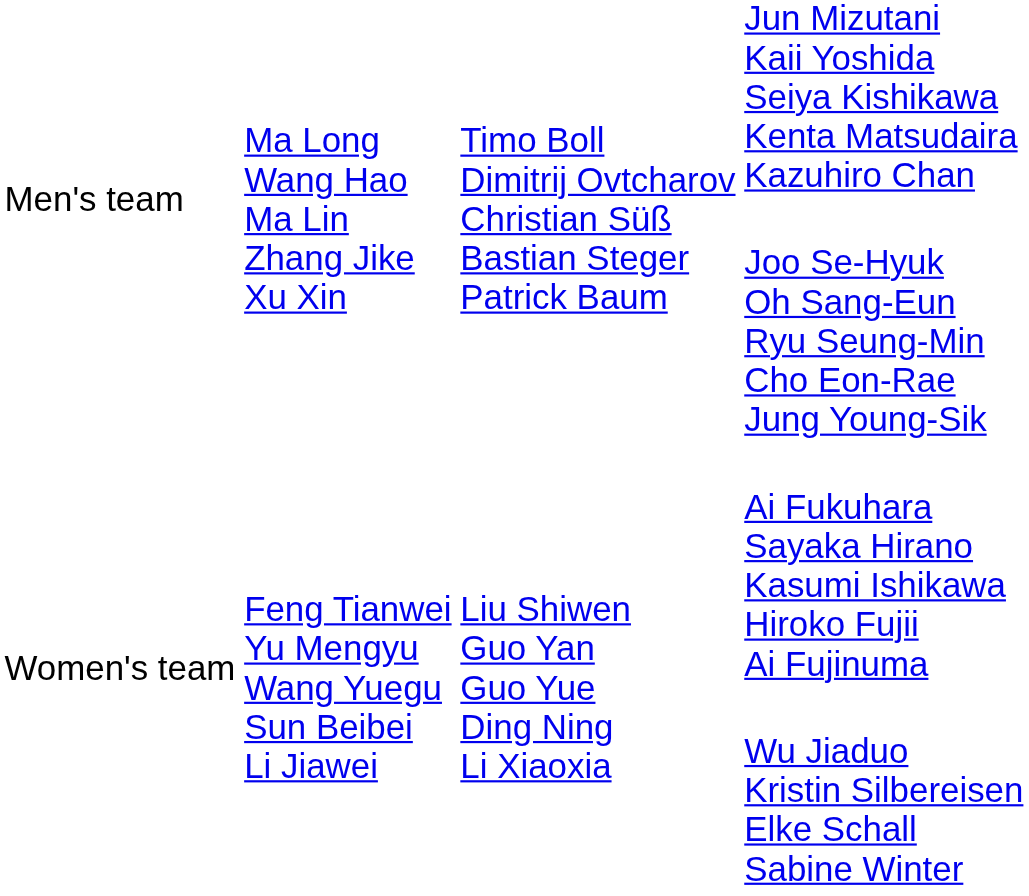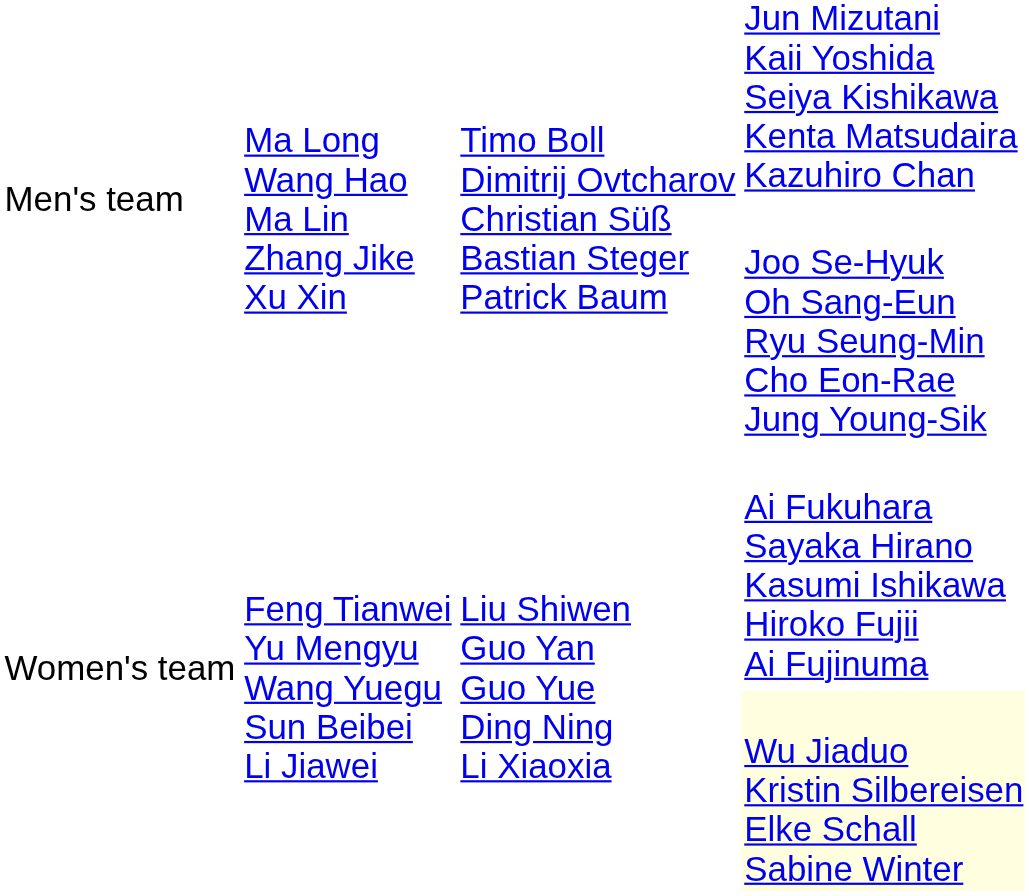 <table>
 <tr>
 <td rowspan=2>Men's team <br></td>
 <td rowspan=2><br><a href='#'>Ma Long</a><br><a href='#'>Wang Hao</a><br><a href='#'>Ma Lin</a><br><a href='#'>Zhang Jike</a><br><a href='#'>Xu Xin</a></td>
 <td rowspan=2><br><a href='#'>Timo Boll</a><br><a href='#'>Dimitrij Ovtcharov</a><br><a href='#'>Christian Süß</a><br><a href='#'>Bastian Steger</a><br><a href='#'>Patrick Baum</a></td>
 <td><br><a href='#'>Jun Mizutani</a><br><a href='#'>Kaii Yoshida</a><br><a href='#'>Seiya Kishikawa</a><br><a href='#'>Kenta Matsudaira</a><br><a href='#'>Kazuhiro Chan</a></td>
 </tr>
 <tr>
 <td><br><a href='#'>Joo Se-Hyuk</a><br><a href='#'>Oh Sang-Eun</a><br><a href='#'>Ryu Seung-Min</a><br><a href='#'>Cho Eon-Rae</a><br><a href='#'>Jung Young-Sik</a></td>
 </tr>
 <tr>
 <td rowspan=2>Women's team <br></td>
 <td rowspan=2><br><a href='#'>Feng Tianwei</a><br><a href='#'>Yu Mengyu</a><br><a href='#'>Wang Yuegu</a><br><a href='#'>Sun Beibei</a><br><a href='#'>Li Jiawei</a></td>
 <td rowspan=2><br><a href='#'>Liu Shiwen</a><br><a href='#'>Guo Yan</a><br><a href='#'>Guo Yue</a><br><a href='#'>Ding Ning</a><br><a href='#'>Li Xiaoxia</a></td>
 <td><br><a href='#'>Ai Fukuhara</a><br><a href='#'>Sayaka Hirano</a><br><a href='#'>Kasumi Ishikawa</a><br><a href='#'>Hiroko Fujii</a><br><a href='#'>Ai Fujinuma</a></td>
 </tr>
 <tr>
-<td><br><a href='#'>Wu Jiaduo</a><br><a href='#'>Kristin Silbereisen</a><br><a href='#'>Elke Schall</a><br><a href='#'>Sabine Winter</a></td>
+<td style="background: lightyellow;"><br><a href='#'>Wu Jiaduo</a><br><a href='#'>Kristin Silbereisen</a><br><a href='#'>Elke Schall</a><br><a href='#'>Sabine Winter</a></td>
 </tr>
 </table>
